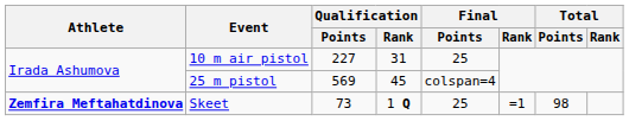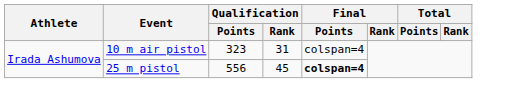 <table class=wikitable style=font-size:90%;text-align:center>
 <tr>
 <th rowspan=2>Athlete</th>
 <th rowspan=2>Event</th>
 <th colspan=2>Qualification</th>
 <th colspan=2>Final</th>
 <th colspan=2>Total</th>
 </tr>
 <tr style=font-size:95%>
 <th>Points</th>
 <th>Rank</th>
 <th>Points</th>
 <th>Rank</th>
 <th>Points</th>
 <th>Rank</th>
 </tr>
 <tr>
 <td align=left rowspan=2><a href='#'>Irada Ashumova</a></td>
 <td align=left><a href='#'>10 m air pistol</a></td>
-<td>227</td>
+<td>323</td>
 <td>31</td>
-<td>25</td>
+<td>colspan=4 </td>
 </tr>
 <tr>
 <td align=left><a href='#'>25 m pistol</a></td>
-<td>569</td>
+<td>556</td>
 <td>45</td>
-<td>colspan=4 </td>
-</tr>
-<tr>
-<td align=left><strong><a href='#'>Zemfira Meftahatdinova</a></strong></td>
-<td align=left><a href='#'>Skeet</a></td>
-<td>73</td>
-<td>1 <strong>Q</strong></td>
-<td>25</td>
-<td>=1</td>
-<td>98</td>
-<td></td>
+<td><strong>colspan=4 </strong></td>
 </tr>
 </table>
